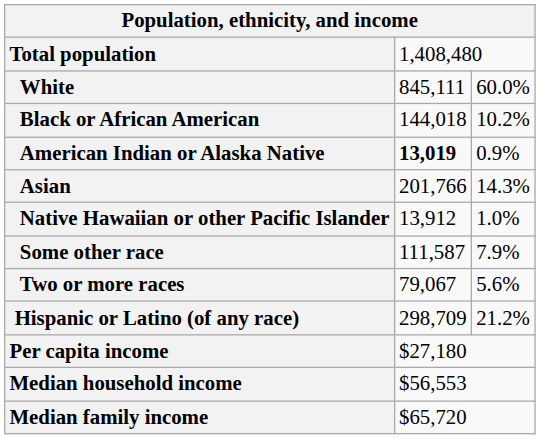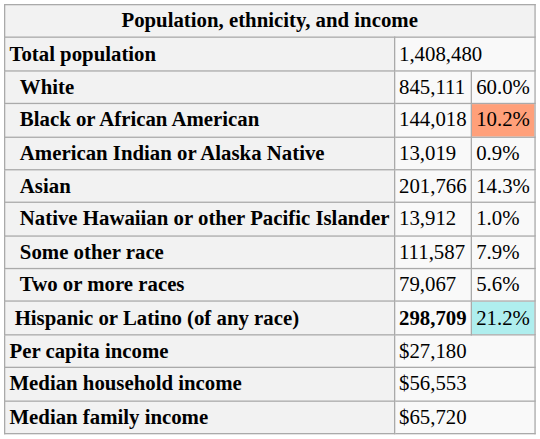 <table class="wikitable collapsible collapsed">
 <tr>
 <th colspan=6>Population, ethnicity, and income</th>
 </tr>
 <tr>
 <th scope="row" style="text-align: left;">Total population</th>
 <td colspan=2>1,408,480</td>
 </tr>
 <tr>
 <th scope="row" style="text-align: left;">  White</th>
 <td>845,111</td>
 <td>60.0%</td>
 </tr>
 <tr>
 <th scope="row" style="text-align: left;">  Black or African American</th>
 <td>144,018</td>
-<td>10.2%</td>
+<td style="background: lightsalmon;">10.2%</td>
 </tr>
 <tr>
 <th scope="row" style="text-align: left;">  American Indian or Alaska Native</th>
-<td><strong>13,019</strong></td>
+<td>13,019</td>
 <td>0.9%</td>
 </tr>
 <tr>
 <th scope="row" style="text-align: left;">  Asian</th>
 <td>201,766</td>
 <td>14.3%</td>
 </tr>
 <tr>
 <th scope="row" style="text-align: left;">  Native Hawaiian or other Pacific Islander</th>
 <td>13,912</td>
 <td>1.0%</td>
 </tr>
 <tr>
 <th scope="row" style="text-align: left;">  Some other race</th>
 <td>111,587</td>
 <td>7.9%</td>
 </tr>
 <tr>
 <th scope="row" style="text-align: left;">  Two or more races</th>
 <td>79,067</td>
 <td>5.6%</td>
 </tr>
 <tr>
 <th scope="row" style="text-align: left;"> Hispanic or Latino (of any race)</th>
-<td>298,709</td>
-<td>21.2%</td>
+<td><strong>298,709</strong></td>
+<td style="background: paleturquoise;">21.2%</td>
 </tr>
 <tr>
 <th scope="row" style="text-align: left;">Per capita income</th>
 <td colspan=2>$27,180</td>
 </tr>
 <tr>
 <th scope="row" style="text-align: left;">Median household income</th>
 <td colspan=2>$56,553</td>
 </tr>
 <tr>
 <th scope="row" style="text-align: left;">Median family income</th>
 <td colspan=2>$65,720</td>
 </tr>
 </table>
